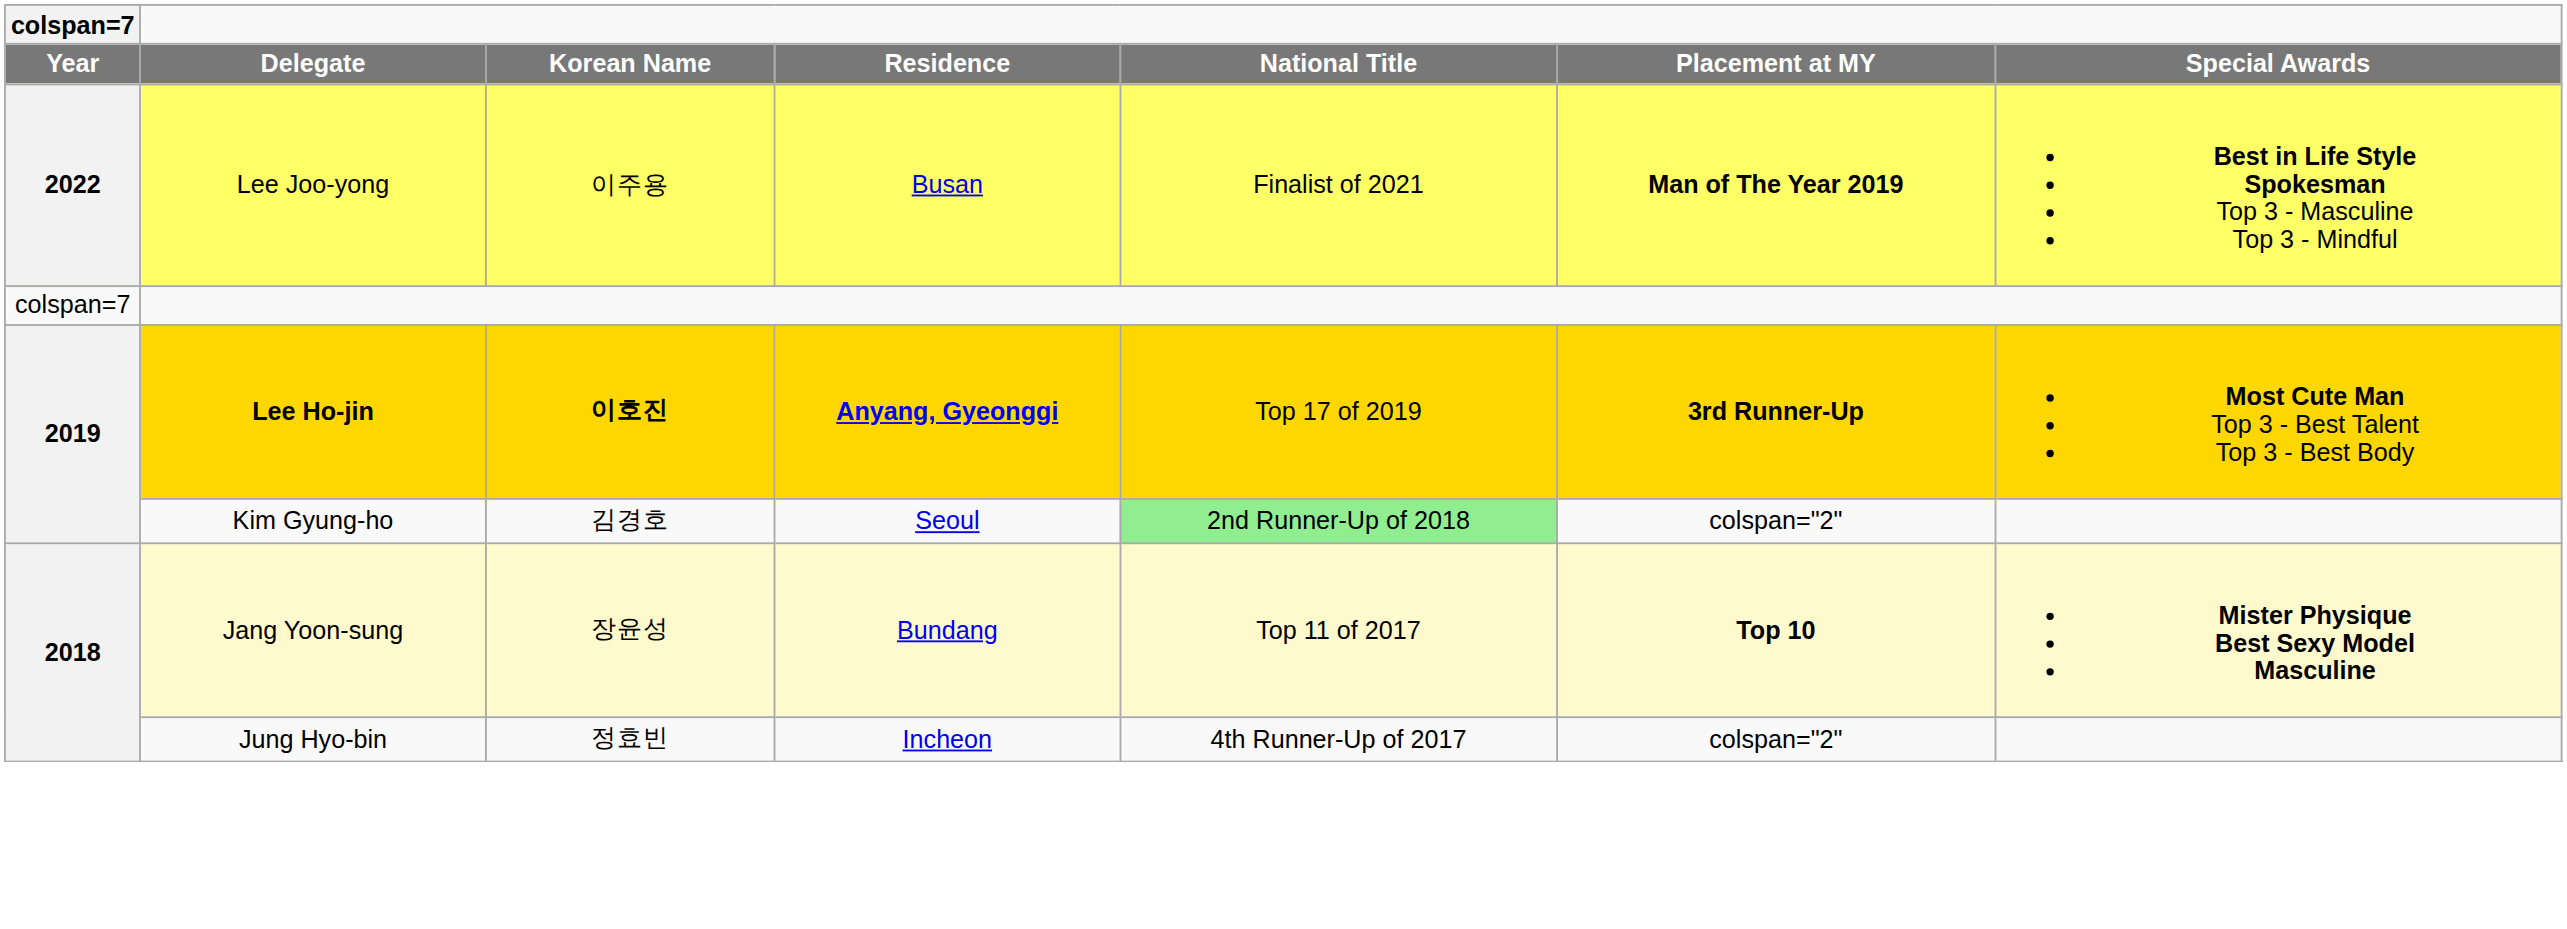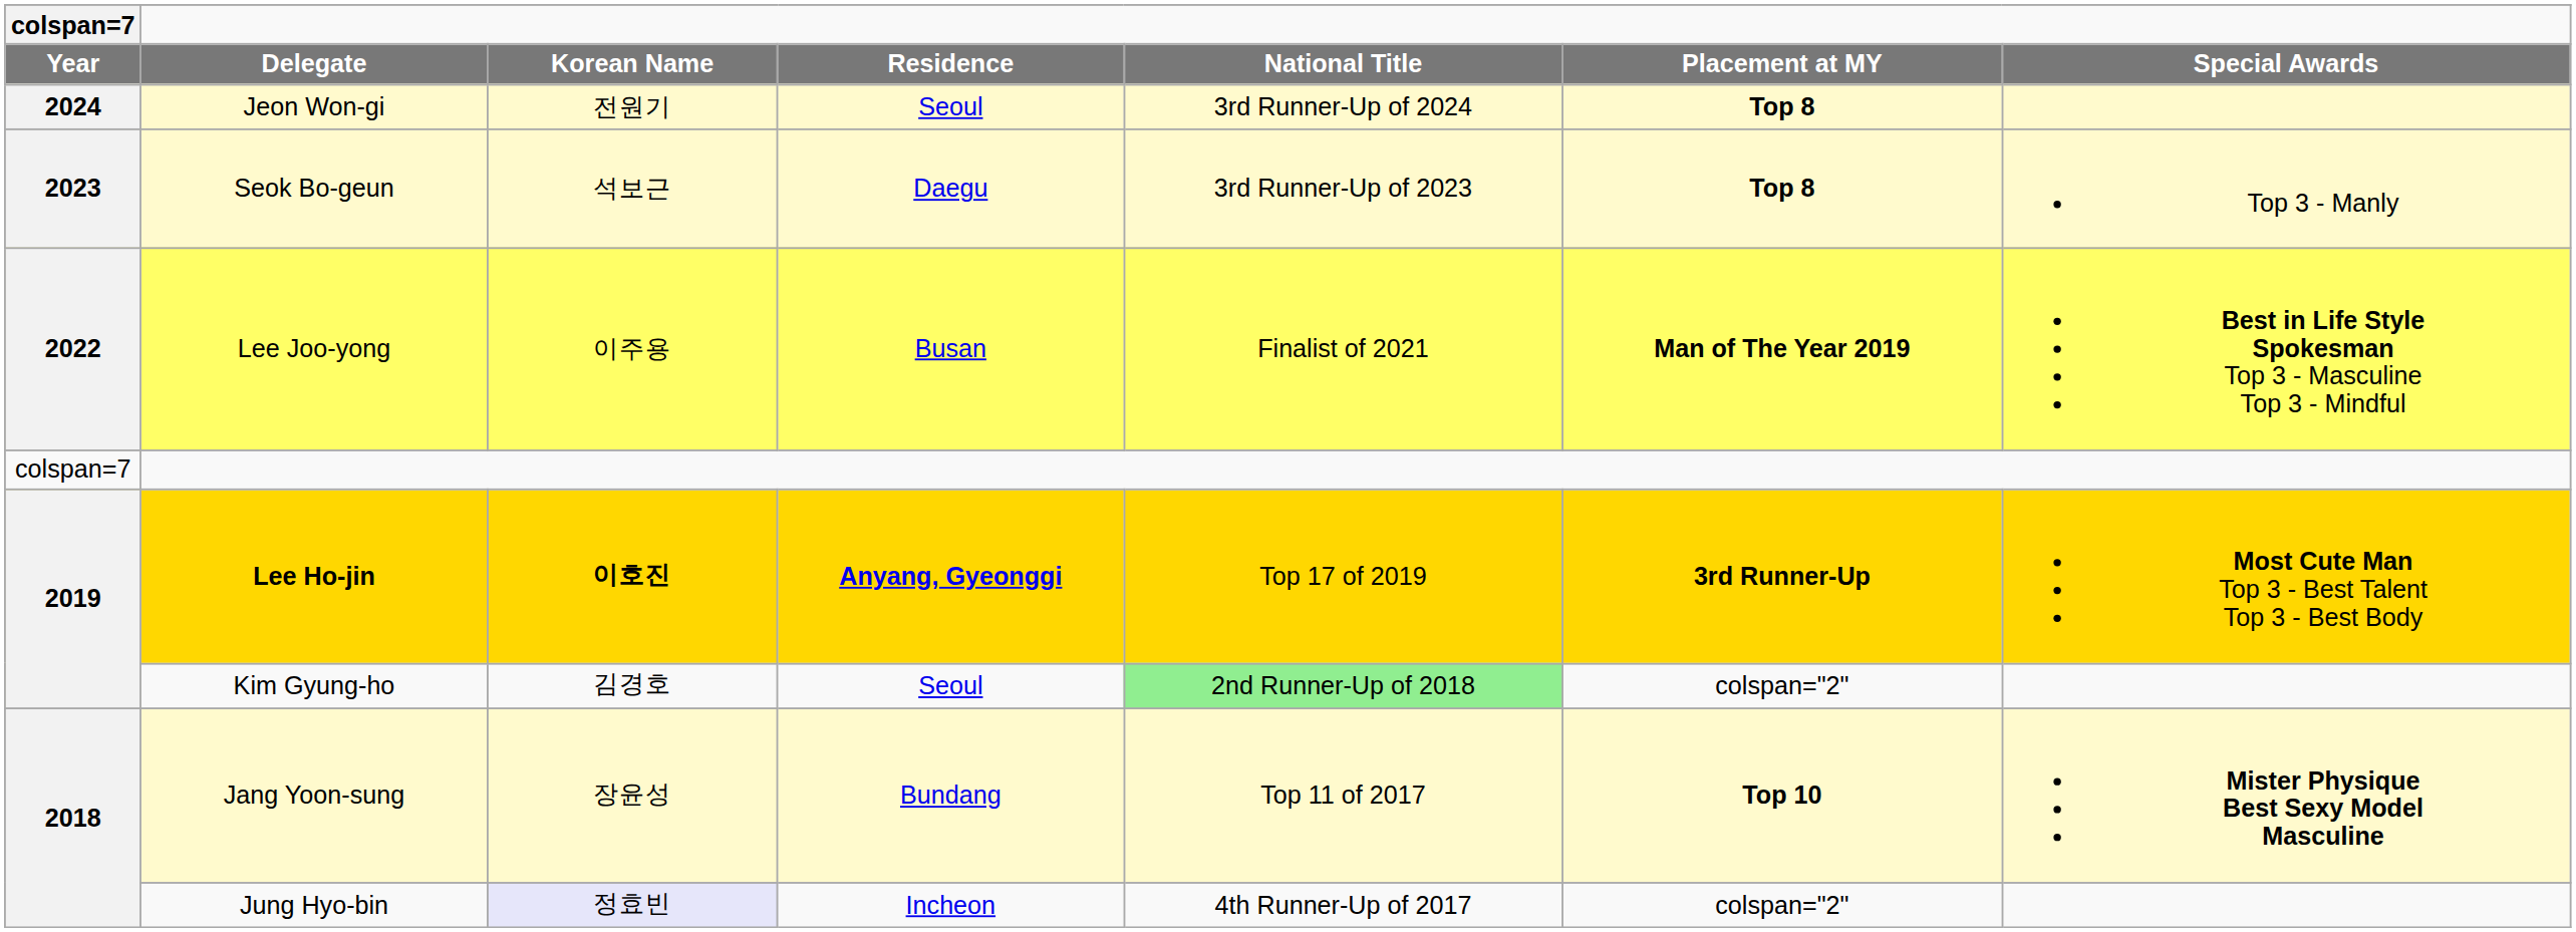 <table class="wikitable sortable" style="font-size: 85%; text-align:center">
 <tr>
 <th>colspan=7 </th>
 </tr>
 <tr>
 <th width="60" style="background-color:#787878;color:#FFFFFF;">Year</th>
 <th width="180" style="background-color:#787878;color:#FFFFFF;">Delegate</th>
 <th width="150" style="background-color:#787878;color:#FFFFFF;">Korean Name</th>
 <th width="180" style="background-color:#787878;color:#FFFFFF;">Residence</th>
 <th width="230" style="background-color:#787878;color:#FFFFFF;">National Title</th>
 <th width="230" style="background-color:#787878;color:#FFFFFF;">Placement at MY</th>
 <th width="300" style="background-color:#787878;color:#FFFFFF;">Special Awards</th>
+</tr>
+<tr style="background-color:#FFFACD;">
+<th>2024</th>
+<td>Jeon Won-gi</td>
+<td>전원기</td>
+<td><a href='#'>Seoul</a></td>
+<td>3rd Runner-Up of 2024</td>
+<td><strong> Top 8</strong></td>
+<td></td>
+</tr>
+<tr style="background-color:#FFFACD;">
+<th>2023</th>
+<td>Seok Bo-geun</td>
+<td>석보근</td>
+<td><a href='#'>Daegu</a></td>
+<td>3rd Runner-Up of 2023</td>
+<td><strong> Top 8</strong></td>
+<td><br><ul><li>Top 3 - Manly</li></ul></td>
 </tr>
 <tr style="background-color:#FFFF66;">
 <th>2022</th>
 <td>Lee Joo-yong</td>
 <td>이주용</td>
 <td><a href='#'>Busan</a></td>
 <td>Finalist of 2021</td>
 <td><strong>Man of The Year 2019</strong></td>
 <td><br><ul><li><strong>Best in Life Style</strong></li><li><strong>Spokesman</strong></li><li>Top 3 - Masculine</li><li>Top 3 - Mindful</li></ul></td>
 </tr>
 <tr>
 <td>colspan=7 </td>
 </tr>
 <tr style="background-color:GOLD;">
 <th rowspan="2"><strong>2019</strong></th>
 <td><strong>Lee Ho-jin</strong></td>
 <td><strong>이호진</strong></td>
 <td><strong><a href='#'>Anyang, Gyeonggi</a></strong></td>
 <td>Top 17 of 2019</td>
 <td><strong>3rd Runner-Up</strong></td>
 <td><br><ul><li><strong>Most Cute Man</strong></li><li>Top 3 - Best Talent</li><li>Top 3 - Best Body</li></ul></td>
 </tr>
 <tr>
 <td>Kim Gyung-ho</td>
 <td>김경호</td>
 <td><a href='#'>Seoul</a></td>
 <td style="background: lightgreen;">2nd Runner-Up of 2018</td>
 <td>colspan="2" </td>
 </tr>
 <tr style="background-color:#FFFACD;">
 <th rowspan="2">2018</th>
 <td>Jang Yoon-sung</td>
 <td>장윤성</td>
 <td><a href='#'>Bundang</a></td>
 <td>Top 11 of 2017</td>
 <td><strong>Top 10</strong></td>
 <td><br><ul><li><strong>Mister Physique</strong></li><li><strong>Best Sexy Model</strong></li><li><strong>Masculine</strong></li></ul></td>
 </tr>
 <tr>
 <td>Jung Hyo-bin</td>
-<td>정효빈</td>
+<td style="background: lavender;">정효빈</td>
 <td><a href='#'>Incheon</a></td>
 <td>4th Runner-Up of 2017</td>
 <td>colspan="2" </td>
 </tr>
 </table>
